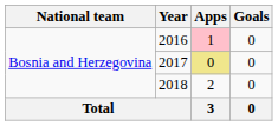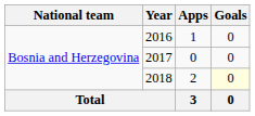 <table class="wikitable" style="text-align:center">
 <tr>
 <th>National team</th>
 <th>Year</th>
 <th>Apps</th>
 <th>Goals</th>
 </tr>
 <tr>
 <td rowspan="3"><a href='#'>Bosnia and Herzegovina</a></td>
 <td>2016</td>
-<td style="background: pink;">1</td>
+<td>1</td>
 <td>0</td>
 </tr>
 <tr>
 <td>2017</td>
-<td style="background: khaki;">0</td>
+<td>0</td>
 <td>0</td>
 </tr>
 <tr>
 <td>2018</td>
 <td>2</td>
-<td>0</td>
+<td style="background: lightyellow;">0</td>
 </tr>
 <tr>
 <th colspan="2">Total</th>
 <th>3</th>
 <th>0</th>
 </tr>
 </table>
